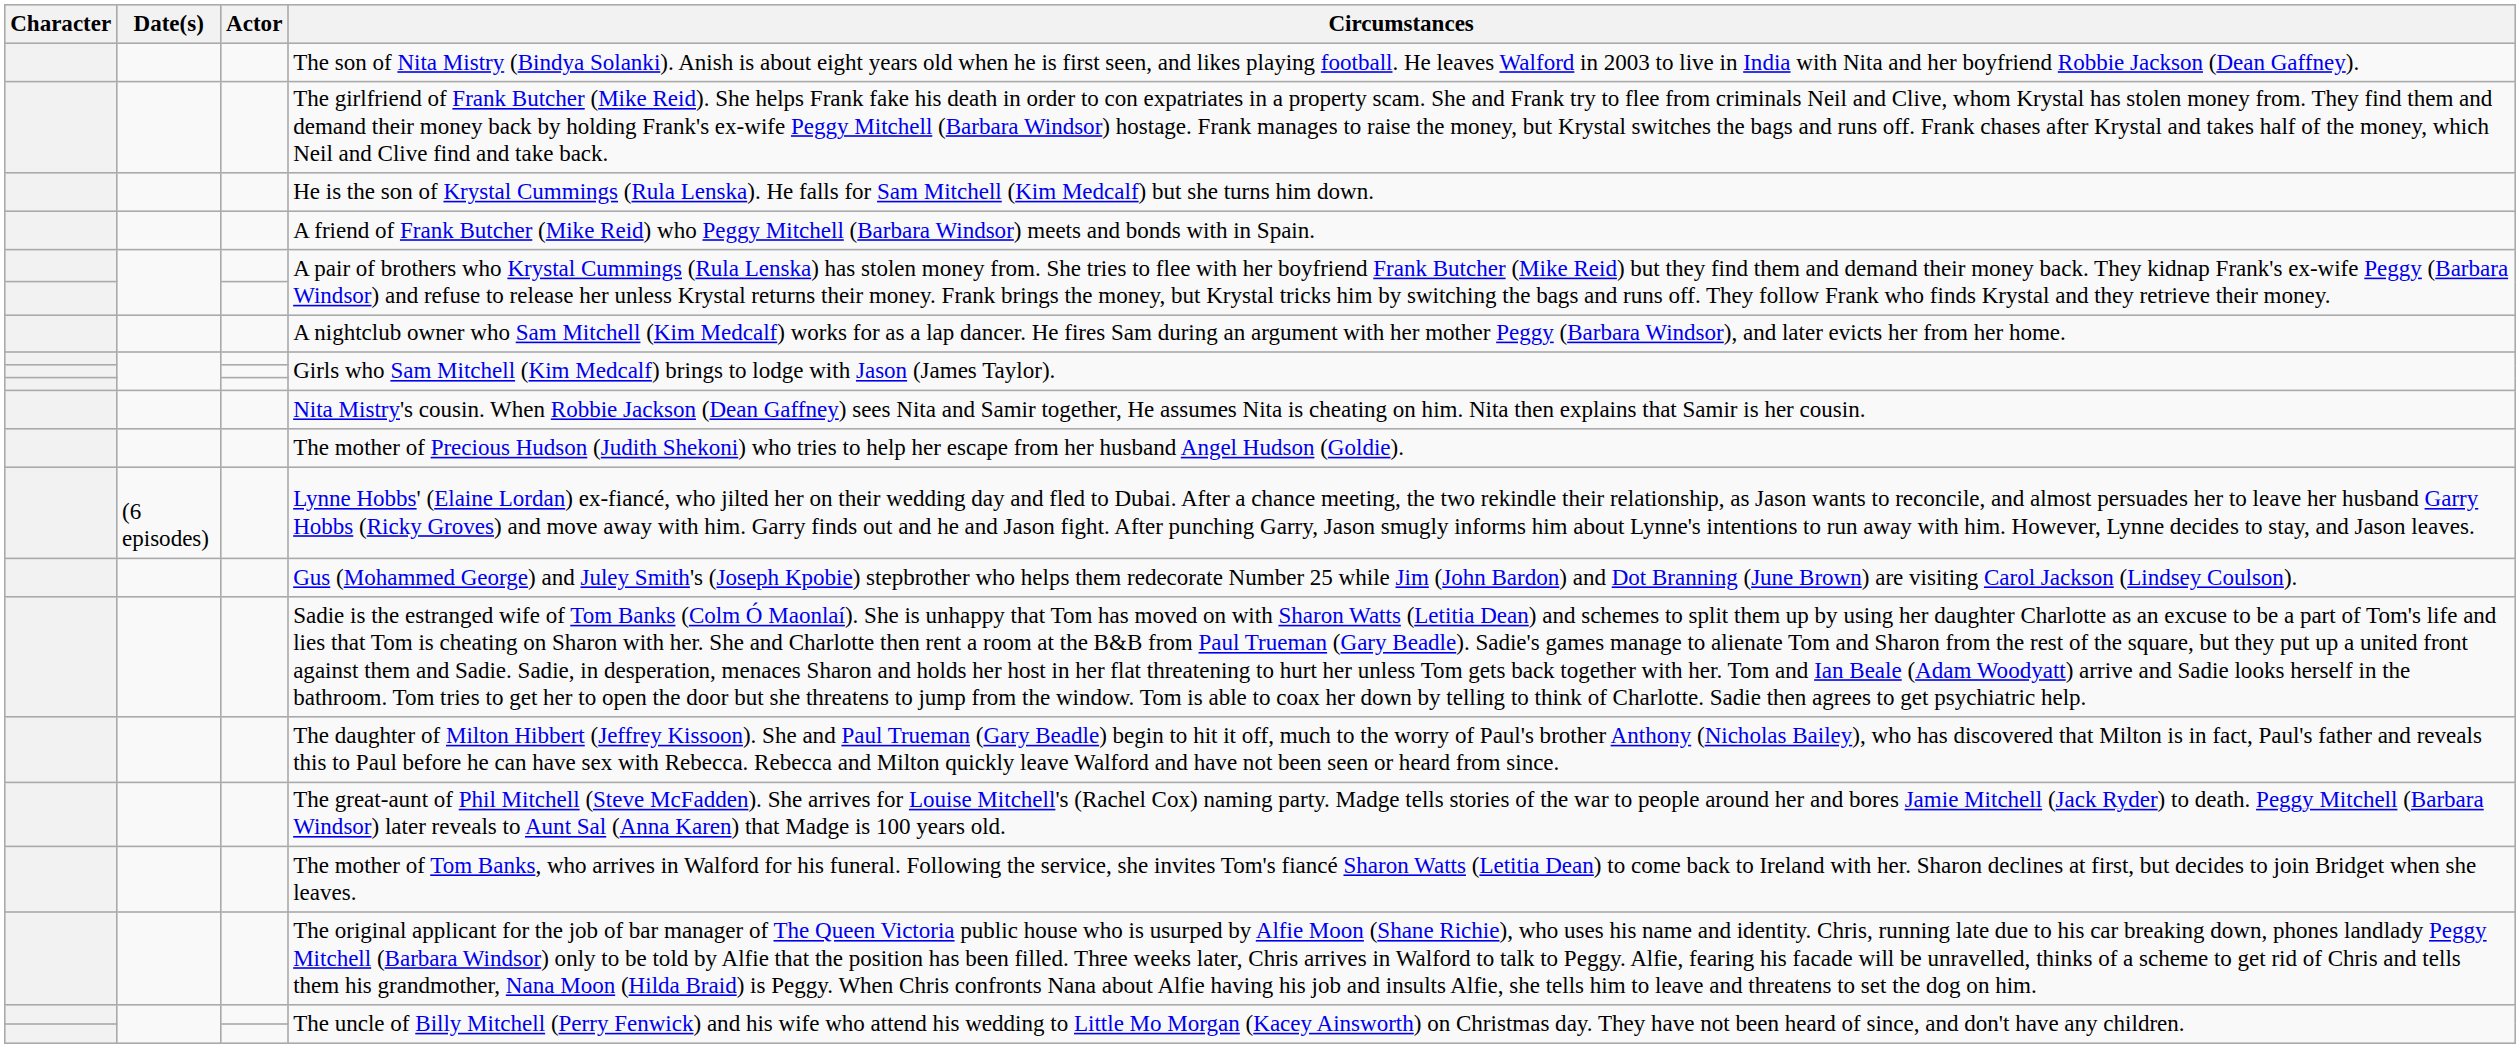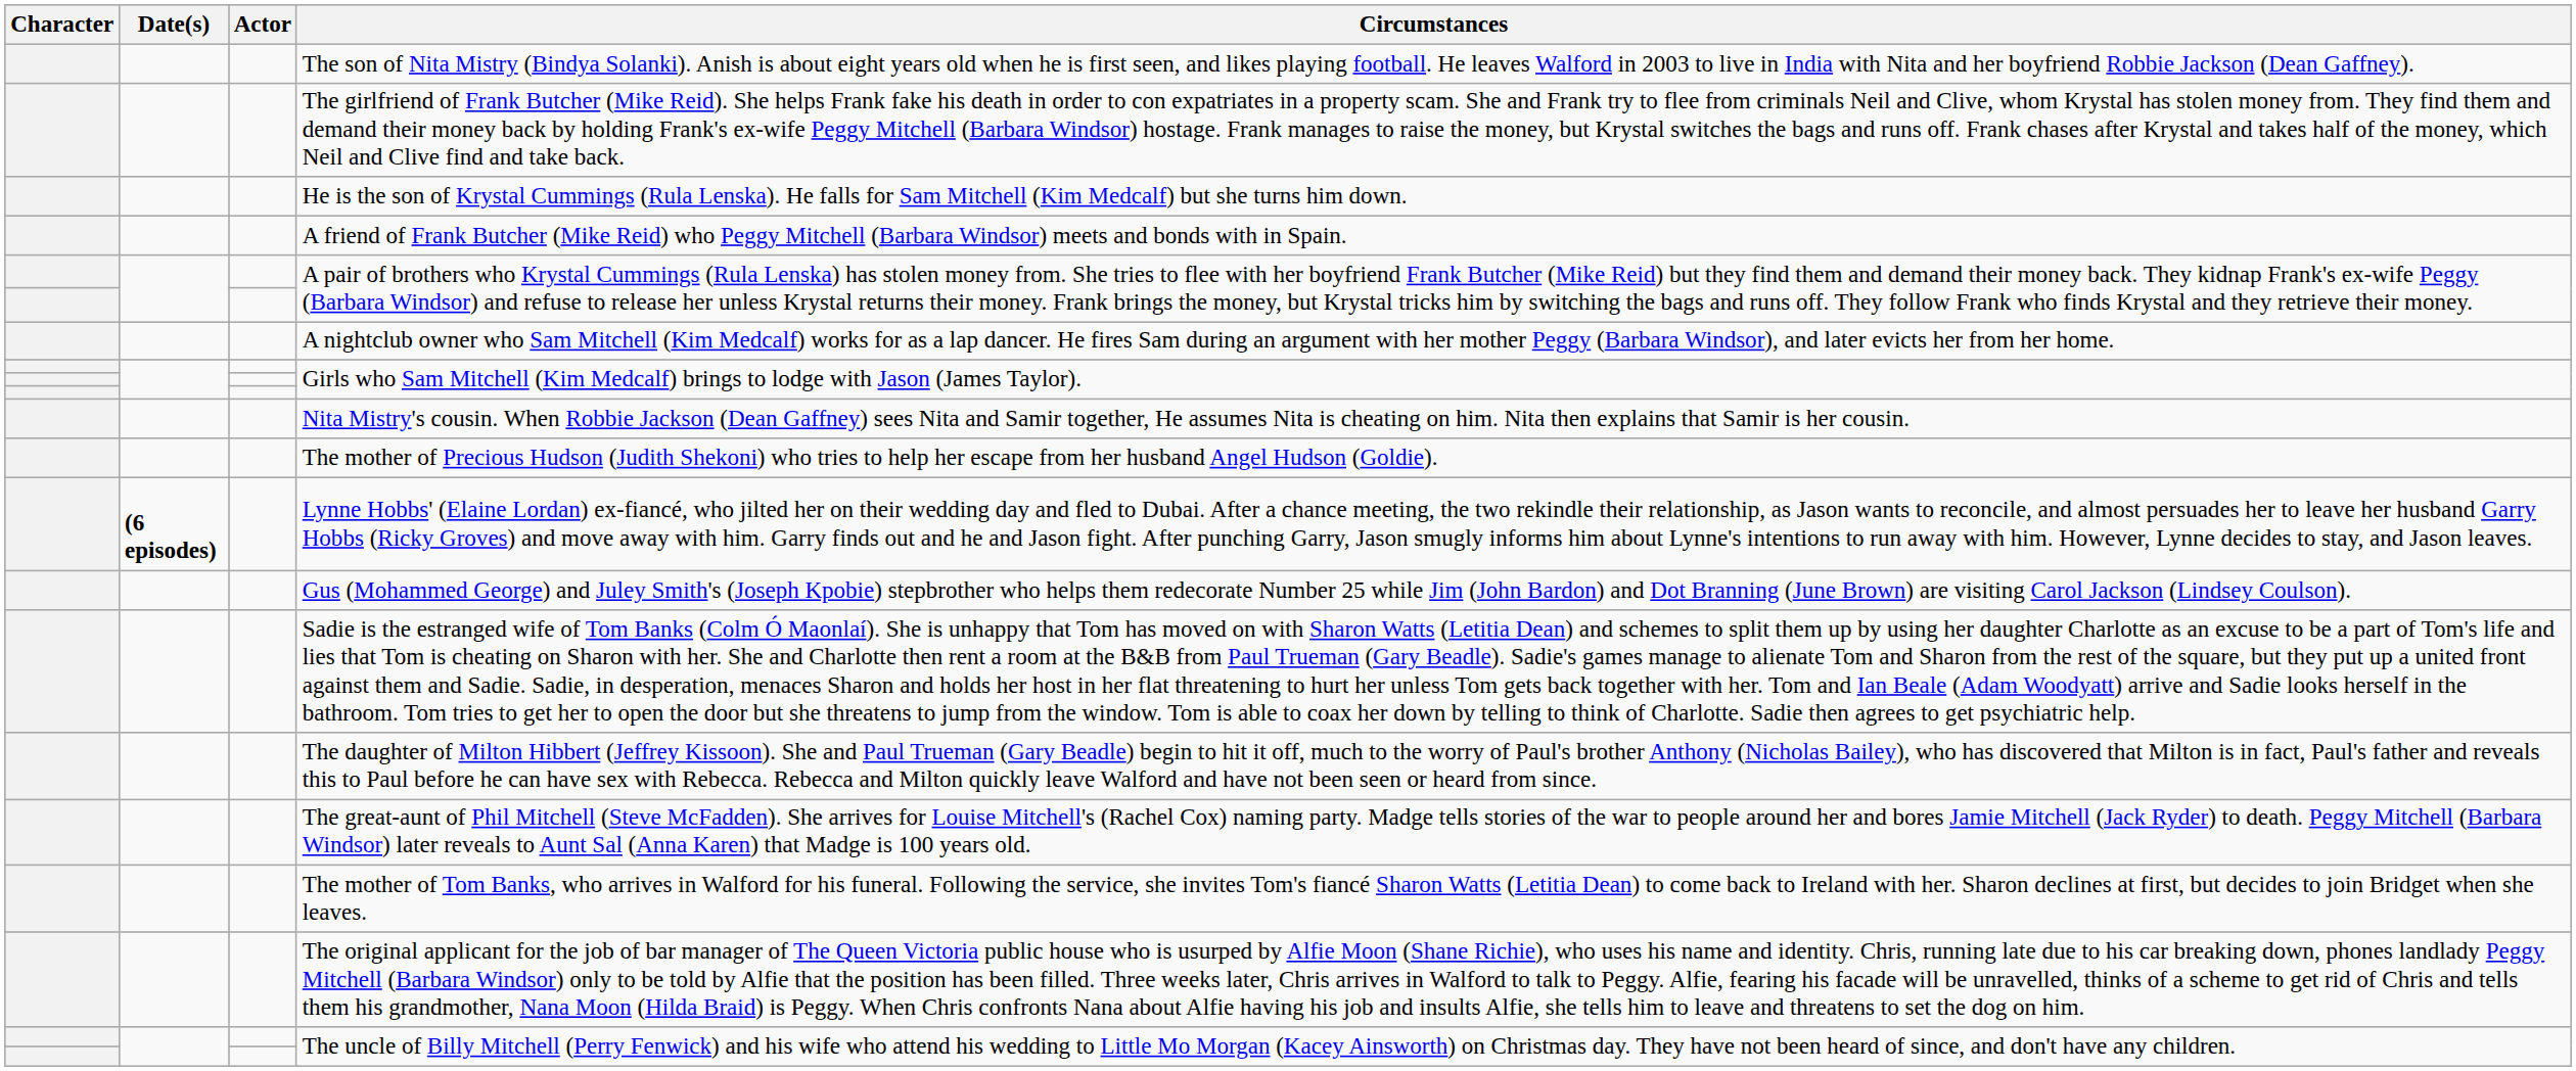 <table class="wikitable plainrowheaders" style="font-size:90%">
 <tr>
 <th scope="col">Character</th>
 <th scope="col">Date(s)</th>
 <th scope="col">Actor</th>
 <th scope="col">Circumstances</th>
 </tr>
 <tr>
 <th scope="row"></th>
 <td></td>
 <td></td>
 <td>The son of <a href='#'>Nita Mistry</a> (<a href='#'>Bindya Solanki</a>). Anish is about eight years old when he is first seen, and likes playing <a href='#'>football</a>. He leaves <a href='#'>Walford</a> in 2003 to live in <a href='#'>India</a> with Nita and her boyfriend <a href='#'>Robbie Jackson</a> (<a href='#'>Dean Gaffney</a>).</td>
 </tr>
 <tr>
 <th scope="row"></th>
 <td></td>
 <td></td>
 <td>The girlfriend of <a href='#'>Frank Butcher</a> (<a href='#'>Mike Reid</a>). She helps Frank fake his death in order to con expatriates in a property scam. She and Frank try to flee from criminals Neil and Clive, whom Krystal has stolen money from. They find them and demand their money back by holding Frank's ex-wife <a href='#'>Peggy Mitchell</a> (<a href='#'>Barbara Windsor</a>) hostage. Frank manages to raise the money, but Krystal switches the bags and runs off. Frank chases after Krystal and takes half of the money, which Neil and Clive find and take back.</td>
 </tr>
 <tr>
 <th scope="row"></th>
 <td></td>
 <td></td>
 <td>He is the son of <a href='#'>Krystal Cummings</a> (<a href='#'>Rula Lenska</a>). He falls for <a href='#'>Sam Mitchell</a> (<a href='#'>Kim Medcalf</a>) but she turns him down.</td>
 </tr>
 <tr>
 <th scope="row"></th>
 <td></td>
 <td></td>
 <td>A friend of <a href='#'>Frank Butcher</a> (<a href='#'>Mike Reid</a>) who <a href='#'>Peggy Mitchell</a> (<a href='#'>Barbara Windsor</a>) meets and bonds with in Spain.</td>
 </tr>
 <tr>
 <th scope="row"></th>
 <td rowspan="2"></td>
 <td></td>
 <td rowspan="2">A pair of brothers who <a href='#'>Krystal Cummings</a> (<a href='#'>Rula Lenska</a>) has stolen money from. She tries to flee with her boyfriend <a href='#'>Frank Butcher</a> (<a href='#'>Mike Reid</a>) but they find them and demand their money back. They kidnap Frank's ex-wife <a href='#'>Peggy</a> (<a href='#'>Barbara Windsor</a>) and refuse to release her unless Krystal returns their money. Frank brings the money, but Krystal tricks him by switching the bags and runs off. They follow Frank who finds Krystal and they retrieve their money.</td>
 </tr>
 <tr>
 <th scope="row"></th>
 <td></td>
 </tr>
 <tr valign="top">
 <th scope="row"></th>
 <td></td>
 <td></td>
 <td>A nightclub owner who <a href='#'>Sam Mitchell</a> (<a href='#'>Kim Medcalf</a>) works for as a lap dancer. He fires Sam during an argument with her mother <a href='#'>Peggy</a> (<a href='#'>Barbara Windsor</a>), and later evicts her from her home.</td>
 </tr>
 <tr valign="top">
 <th scope="row"></th>
 <td rowspan="3"></td>
 <td></td>
 <td rowspan="3">Girls who <a href='#'>Sam Mitchell</a> (<a href='#'>Kim Medcalf</a>) brings to lodge with <a href='#'>Jason</a> (James Taylor).</td>
 </tr>
 <tr valign="top">
 <th scope="row"></th>
 <td></td>
 </tr>
 <tr valign="top">
 <th scope="row"></th>
 <td></td>
 </tr>
 <tr>
 <th scope="row"></th>
 <td></td>
 <td></td>
 <td> <a href='#'>Nita Mistry</a>'s cousin. When <a href='#'>Robbie Jackson</a> (<a href='#'>Dean Gaffney</a>) sees Nita and Samir together, He assumes Nita is cheating on him. Nita then explains that Samir is her cousin.</td>
 </tr>
 <tr>
 <th scope="row"></th>
 <td></td>
 <td></td>
 <td>The mother of <a href='#'>Precious Hudson</a> (<a href='#'>Judith Shekoni</a>) who tries to help her escape from her husband <a href='#'>Angel Hudson</a> (<a href='#'>Goldie</a>).</td>
 </tr>
 <tr>
 <th scope="row"></th>
-<td><br> (6 episodes)</td>
+<td><strong><br> (6 episodes)</strong></td>
 <td></td>
 <td> <a href='#'>Lynne Hobbs</a>' (<a href='#'>Elaine Lordan</a>) ex-fiancé, who jilted her on their wedding day and fled to Dubai. After a chance meeting, the two rekindle their relationship, as Jason wants to reconcile, and almost persuades her to leave her husband <a href='#'>Garry Hobbs</a> (<a href='#'>Ricky Groves</a>) and move away with him. Garry finds out and he and Jason fight. After punching Garry, Jason smugly informs him about Lynne's intentions to run away with him. However, Lynne decides to stay, and Jason leaves.</td>
 </tr>
 <tr>
 <th scope="row"></th>
 <td></td>
 <td></td>
 <td> <a href='#'>Gus</a> (<a href='#'>Mohammed George</a>) and <a href='#'>Juley Smith</a>'s (<a href='#'>Joseph Kpobie</a>) stepbrother who helps them redecorate Number 25 while <a href='#'>Jim</a> (<a href='#'>John Bardon</a>) and <a href='#'>Dot Branning</a> (<a href='#'>June Brown</a>) are visiting <a href='#'>Carol Jackson</a> (<a href='#'>Lindsey Coulson</a>).</td>
 </tr>
 <tr>
 <th scope="row"></th>
 <td></td>
 <td></td>
 <td>Sadie is the estranged wife of <a href='#'>Tom Banks</a> (<a href='#'>Colm Ó Maonlaí</a>). She is unhappy that Tom has moved on with <a href='#'>Sharon Watts</a> (<a href='#'>Letitia Dean</a>) and schemes to split them up by using her daughter Charlotte as an excuse to be a part of Tom's life and lies that Tom is cheating on Sharon with her. She and Charlotte then rent a room at the B&B from <a href='#'>Paul Trueman</a> (<a href='#'>Gary Beadle</a>). Sadie's games manage to alienate Tom and Sharon from the rest of the square, but they put up a united front against them and Sadie. Sadie, in desperation, menaces Sharon and holds her host in her flat threatening to hurt her unless Tom gets back together with her. Tom and <a href='#'>Ian Beale</a> (<a href='#'>Adam Woodyatt</a>) arrive and Sadie looks herself in the bathroom. Tom tries to get her to open the door but she threatens to jump from the window. Tom is able to coax her down by telling to think of Charlotte. Sadie then agrees to get psychiatric help.</td>
 </tr>
 <tr>
 <th scope="row"></th>
 <td></td>
 <td></td>
 <td>The daughter of <a href='#'>Milton Hibbert</a> (<a href='#'>Jeffrey Kissoon</a>). She and <a href='#'>Paul Trueman</a> (<a href='#'>Gary Beadle</a>) begin to hit it off, much to the worry of Paul's brother <a href='#'>Anthony</a> (<a href='#'>Nicholas Bailey</a>), who has discovered that Milton is in fact, Paul's father and reveals this to Paul before he can have sex with Rebecca. Rebecca and Milton quickly leave Walford and have not been seen or heard from since.</td>
 </tr>
 <tr>
 <th scope="row"> </th>
 <td></td>
 <td></td>
 <td>The great-aunt of <a href='#'>Phil Mitchell</a> (<a href='#'>Steve McFadden</a>). She arrives for <a href='#'>Louise Mitchell</a>'s (Rachel Cox) naming party. Madge tells stories of the war to people around her and bores <a href='#'>Jamie Mitchell</a> (<a href='#'>Jack Ryder</a>) to death. <a href='#'>Peggy Mitchell</a> (<a href='#'>Barbara Windsor</a>) later reveals to <a href='#'>Aunt Sal</a> (<a href='#'>Anna Karen</a>) that Madge is 100 years old.</td>
 </tr>
 <tr>
 <th scope="row"></th>
 <td></td>
 <td></td>
 <td>The mother of <a href='#'>Tom Banks</a>, who arrives in Walford for his funeral. Following the service, she invites Tom's fiancé <a href='#'>Sharon Watts</a> (<a href='#'>Letitia Dean</a>) to come back to Ireland with her. Sharon declines at first, but decides to join Bridget when she leaves.</td>
 </tr>
 <tr>
 <th scope="row"></th>
 <td></td>
 <td></td>
 <td>The original applicant for the job of bar manager of <a href='#'>The Queen Victoria</a> public house who is usurped by <a href='#'>Alfie Moon</a> (<a href='#'>Shane Richie</a>), who uses his name and identity. Chris, running late due to his car breaking down, phones landlady <a href='#'>Peggy Mitchell</a> (<a href='#'>Barbara Windsor</a>) only to be told by Alfie that the position has been filled. Three weeks later, Chris arrives in Walford to talk to Peggy. Alfie, fearing his facade will be unravelled, thinks of a scheme to get rid of Chris and tells them his grandmother, <a href='#'>Nana Moon</a> (<a href='#'>Hilda Braid</a>) is Peggy. When Chris confronts Nana about Alfie having his job and insults Alfie, she tells him to leave and threatens to set the dog on him.</td>
 </tr>
 <tr>
 <th scope="row"></th>
 <td rowspan="2"></td>
 <td></td>
 <td rowspan="2">The uncle of <a href='#'>Billy Mitchell</a> (<a href='#'>Perry Fenwick</a>) and his wife who attend his wedding to <a href='#'>Little Mo Morgan</a> (<a href='#'>Kacey Ainsworth</a>) on Christmas day. They have not been heard of since, and don't have any children.</td>
 </tr>
 <tr>
 <th scope="row"></th>
 <td></td>
 </tr>
 </table>
